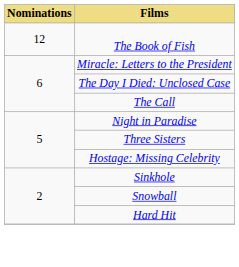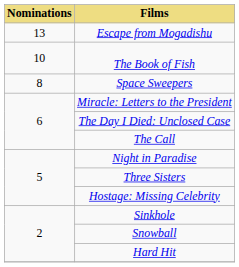 <table class="wikitable plainrowheaders" style="text-align:center;">
 <tr>
 <th style="background:#EEDD82;" ! align="center">Nominations</th>
 <th style="background:#EEDD82;" ! align="center">Films</th>
 </tr>
 <tr>
-<td style="text-align:center">12</td>
+<td style="text-align:center">13</td>
+<td><em><a href='#'>Escape from Mogadishu</a></em></td>
+</tr>
+<tr>
+<td style="text-align:center">10</td>
 <td><br><em><a href='#'>The Book of Fish</a></em></td>
+</tr>
+<tr>
+<td style="text-align:center">8</td>
+<td><em><a href='#'>Space Sweepers</a></em></td>
 </tr>
 <tr>
 <td style="text-align:center" rowspan=3>6</td>
 <td><em><a href='#'>Miracle: Letters to the President</a> </em></td>
 </tr>
 <tr>
 <td><em><a href='#'>The Day I Died: Unclosed Case</a></em></td>
 </tr>
 <tr>
 <td><em><a href='#'>The Call</a></em></td>
 </tr>
 <tr>
 <td style="text-align:center" rowspan=3>5</td>
 <td><em><a href='#'>Night in Paradise</a></em></td>
 </tr>
 <tr>
 <td><em><a href='#'>Three Sisters</a></em></td>
 </tr>
 <tr>
 <td><em><a href='#'>Hostage: Missing Celebrity</a></em></td>
 </tr>
 <tr>
 <td style="text-align:center" rowspan=3>2</td>
 <td><em><a href='#'>Sinkhole</a></em></td>
 </tr>
 <tr>
 <td><em><a href='#'>Snowball</a></em></td>
 </tr>
 <tr>
 <td><em><a href='#'>Hard Hit</a></em></td>
 </tr>
 <tr>
 </tr>
 </table>
